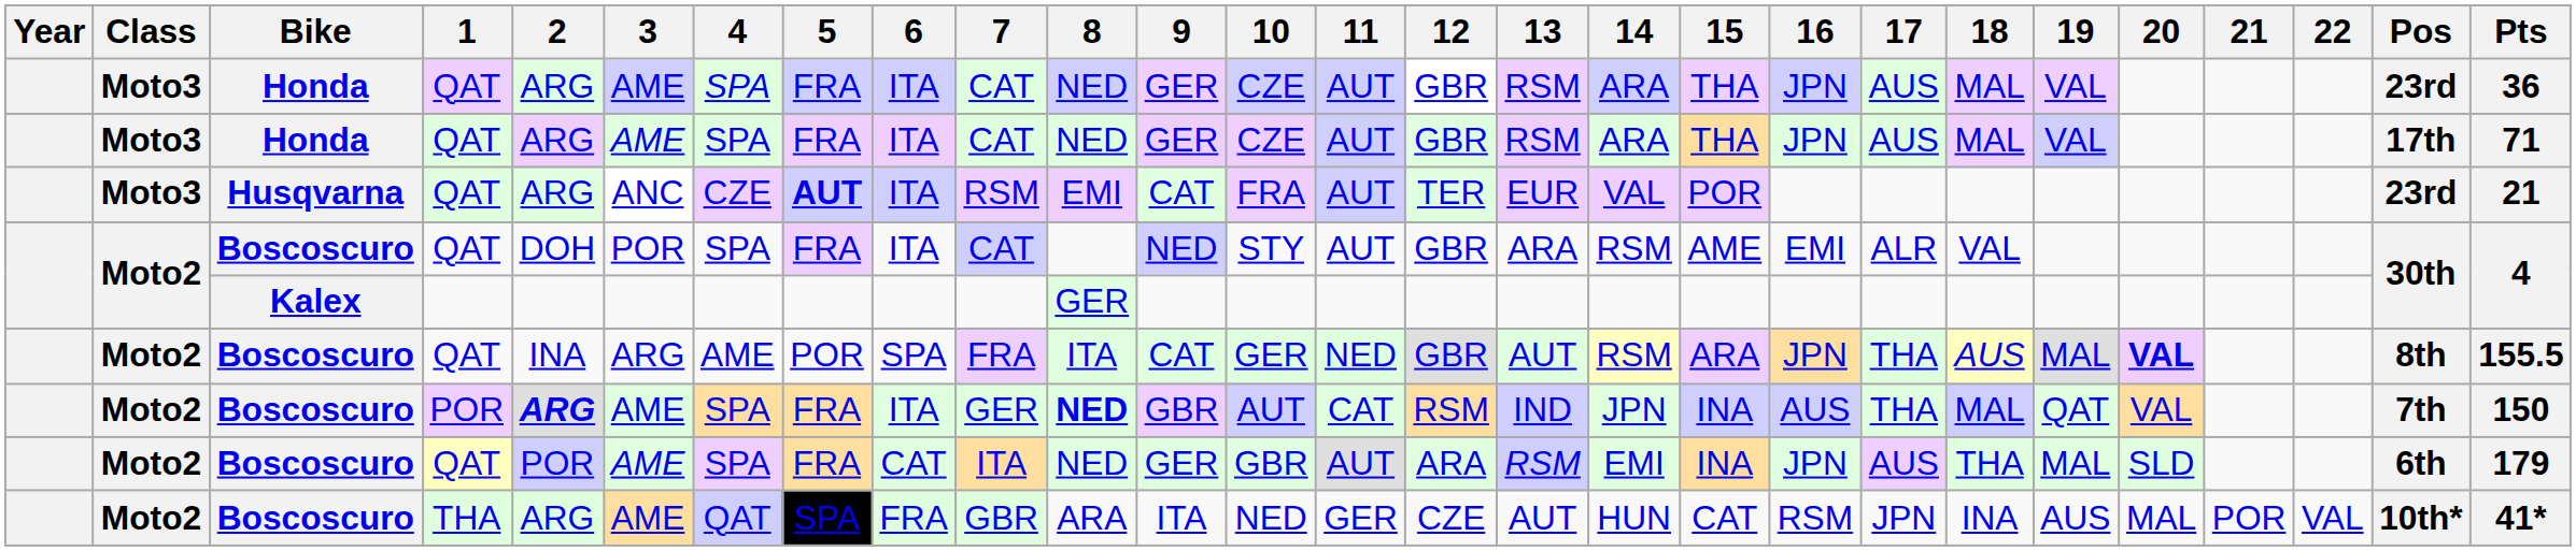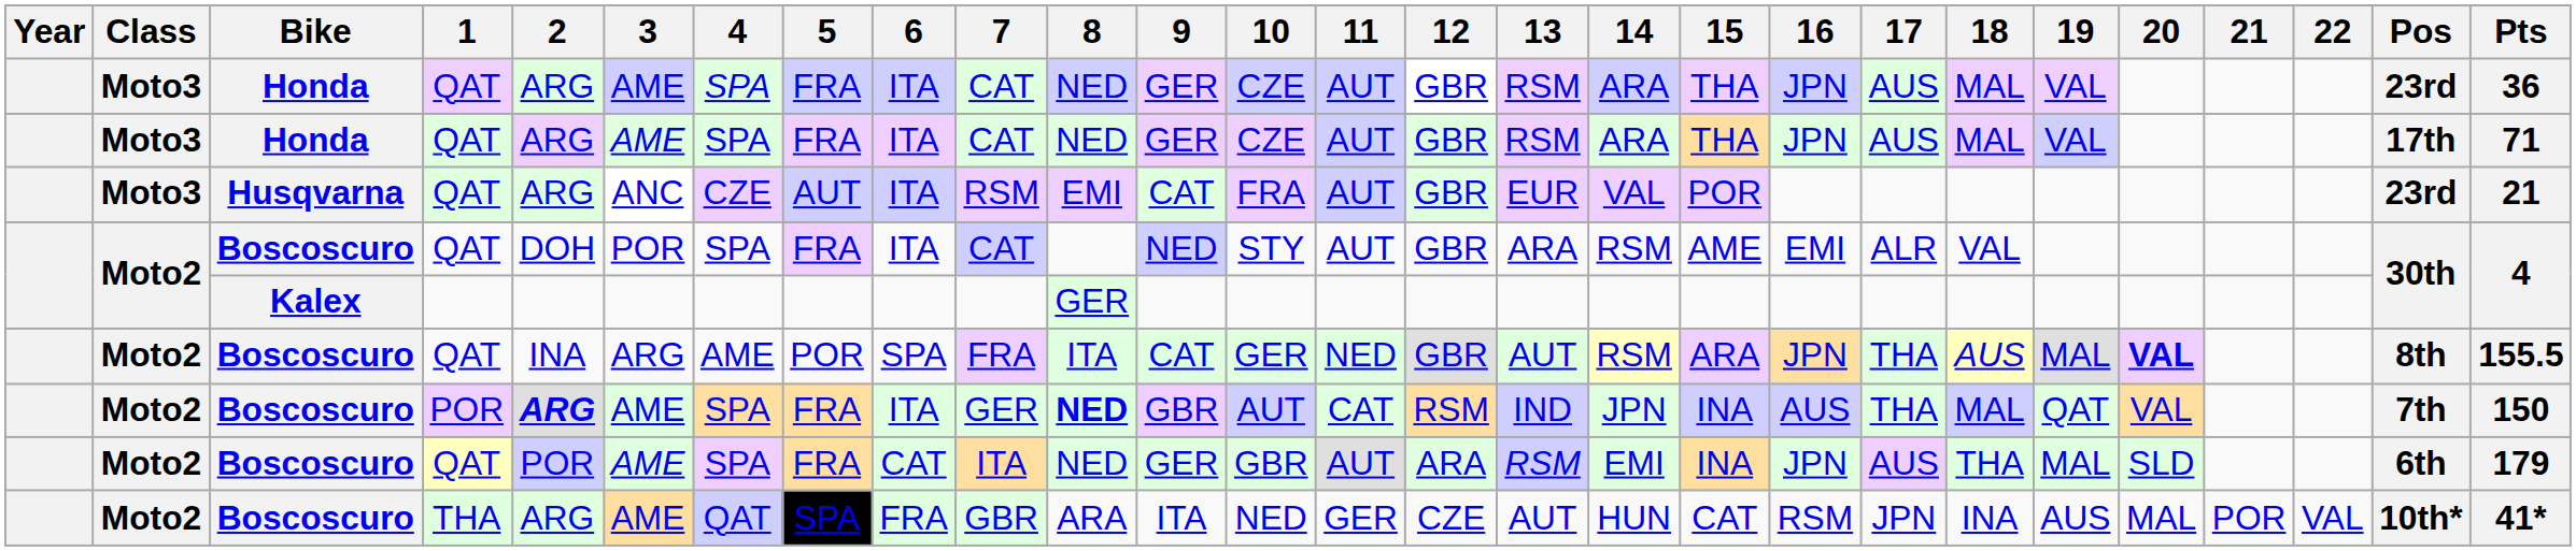 <table class="wikitable" style="text-align:center;">
 <tr>
 <th>Year</th>
 <th>Class</th>
 <th>Bike</th>
 <th>1</th>
 <th>2</th>
 <th>3</th>
 <th>4</th>
 <th>5</th>
 <th>6</th>
 <th>7</th>
 <th>8</th>
 <th>9</th>
 <th>10</th>
 <th>11</th>
 <th>12</th>
 <th>13</th>
 <th>14</th>
 <th>15</th>
 <th>16</th>
 <th>17</th>
 <th>18</th>
 <th>19</th>
 <th>20</th>
 <th>21</th>
 <th>22</th>
 <th>Pos</th>
 <th>Pts</th>
 </tr>
 <tr>
 <th></th>
 <th>Moto3</th>
 <th><a href='#'>Honda</a></th>
 <td style="background:#efcfff;"><a href='#'>QAT</a><br></td>
 <td style="background:#dfffdf;"><a href='#'>ARG</a><br></td>
 <td style="background:#cfcfff;"><a href='#'>AME</a><br></td>
 <td style="background:#dfffdf;"><em><a href='#'>SPA</a></em><br></td>
 <td style="background:#cfcfff;"><a href='#'>FRA</a><br></td>
 <td style="background:#cfcfff;"><a href='#'>ITA</a><br></td>
 <td style="background:#dfffdf;"><a href='#'>CAT</a><br></td>
 <td style="background:#cfcfff;"><a href='#'>NED</a><br></td>
 <td style="background:#efcfff;"><a href='#'>GER</a><br></td>
 <td style="background:#cfcfff;"><a href='#'>CZE</a><br></td>
 <td style="background:#cfcfff;"><a href='#'>AUT</a><br></td>
 <td style="background:#ffffff;"><a href='#'>GBR</a><br></td>
 <td style="background:#efcfff;"><a href='#'>RSM</a><br></td>
 <td style="background:#cfcfff;"><a href='#'>ARA</a><br></td>
 <td style="background:#efcfff;"><a href='#'>THA</a><br></td>
 <td style="background:#cfcfff;"><a href='#'>JPN</a><br></td>
 <td style="background:#dfffdf;"><a href='#'>AUS</a><br></td>
 <td style="background:#efcfff;"><a href='#'>MAL</a><br></td>
 <td style="background:#efcfff;"><a href='#'>VAL</a><br></td>
 <td></td>
 <td></td>
 <td></td>
 <th>23rd</th>
 <th>36</th>
 </tr>
 <tr>
 <th></th>
 <th>Moto3</th>
 <th><a href='#'>Honda</a></th>
 <td style="background:#dfffdf;"><a href='#'>QAT</a><br></td>
 <td style="background:#efcfff;"><a href='#'>ARG</a><br></td>
 <td style="background:#dfffdf;"><em><a href='#'>AME</a></em><br></td>
 <td style="background:#dfffdf;"><a href='#'>SPA</a><br></td>
 <td style="background:#efcfff;"><a href='#'>FRA</a><br></td>
 <td style="background:#efcfff;"><a href='#'>ITA</a><br></td>
 <td style="background:#dfffdf;"><a href='#'>CAT</a><br></td>
 <td style="background:#dfffdf;"><a href='#'>NED</a><br></td>
 <td style="background:#efcfff;"><a href='#'>GER</a><br></td>
 <td style="background:#efcfff;"><a href='#'>CZE</a><br></td>
 <td style="background:#cfcfff;"><a href='#'>AUT</a><br></td>
 <td style="background:#dfffdf;"><a href='#'>GBR</a><br></td>
 <td style="background:#efcfff;"><a href='#'>RSM</a><br></td>
 <td style="background:#dfffdf;"><a href='#'>ARA</a><br></td>
 <td style="background:#ffdf9f;"><a href='#'>THA</a><br></td>
 <td style="background:#dfffdf;"><a href='#'>JPN</a><br></td>
 <td style="background:#dfffdf;"><a href='#'>AUS</a><br></td>
 <td style="background:#efcfff;"><a href='#'>MAL</a><br></td>
 <td style="background:#cfcfff;"><a href='#'>VAL</a><br></td>
 <td></td>
 <td></td>
 <td></td>
 <th>17th</th>
 <th>71</th>
 </tr>
 <tr>
 <th></th>
 <th>Moto3</th>
 <th><a href='#'>Husqvarna</a></th>
 <td style="background:#dfffdf;"><a href='#'>QAT</a><br></td>
 <td style="background:#dfffdf;"><a href='#'>ARG</a><br></td>
 <td style="background:#ffffff;"><a href='#'>ANC</a><br></td>
 <td style="background:#efcfff;"><a href='#'>CZE</a><br></td>
-<td style="background:#cfcfff;"><strong><a href='#'>AUT</a><br></strong></td>
+<td style="background:#cfcfff;"><a href='#'>AUT</a><br></td>
 <td style="background:#cfcfff;"><a href='#'>ITA</a><br></td>
 <td style="background:#efcfff;"><a href='#'>RSM</a><br></td>
 <td style="background:#efcfff;"><a href='#'>EMI</a><br></td>
 <td style="background:#dfffdf;"><a href='#'>CAT</a><br></td>
 <td style="background:#efcfff;"><a href='#'>FRA</a><br></td>
 <td style="background:#cfcfff;"><a href='#'>AUT</a><br></td>
-<td style="background:#dfffdf;"><a href='#'>TER</a><br></td>
+<td style="background:#dfffdf;"><a href='#'>GBR</a><br></td>
 <td style="background:#efcfff;"><a href='#'>EUR</a><br></td>
 <td style="background:#efcfff;"><a href='#'>VAL</a><br></td>
 <td style="background:#efcfff;"><a href='#'>POR</a><br></td>
 <td></td>
 <td></td>
 <td></td>
 <td></td>
 <td></td>
 <td></td>
 <td></td>
 <th>23rd</th>
 <th>21</th>
 </tr>
 <tr>
 <th rowspan="2"></th>
 <th rowspan="2">Moto2</th>
 <th><a href='#'>Boscoscuro</a></th>
 <td><a href='#'>QAT</a></td>
 <td><a href='#'>DOH</a></td>
 <td><a href='#'>POR</a></td>
 <td><a href='#'>SPA</a></td>
 <td style="background:#efcfff;"><a href='#'>FRA</a><br></td>
 <td><a href='#'>ITA</a></td>
 <td style="background:#cfcfff;"><a href='#'>CAT</a><br></td>
 <td></td>
 <td style="background:#cfcfff;"><a href='#'>NED</a><br></td>
 <td><a href='#'>STY</a></td>
 <td><a href='#'>AUT</a></td>
 <td><a href='#'>GBR</a></td>
 <td><a href='#'>ARA</a></td>
 <td><a href='#'>RSM</a></td>
 <td><a href='#'>AME</a></td>
 <td><a href='#'>EMI</a></td>
 <td><a href='#'>ALR</a></td>
 <td><a href='#'>VAL</a></td>
 <td></td>
 <td></td>
 <td></td>
 <td></td>
 <th rowspan="2">30th</th>
 <th rowspan="2">4</th>
 </tr>
 <tr>
 <th><a href='#'>Kalex</a></th>
 <td></td>
 <td></td>
 <td></td>
 <td></td>
 <td></td>
 <td></td>
 <td></td>
 <td style="background:#dfffdf;"><a href='#'>GER</a><br></td>
 <td></td>
 <td></td>
 <td></td>
 <td></td>
 <td></td>
 <td></td>
 <td></td>
 <td></td>
 <td></td>
 <td></td>
 <td></td>
 <td></td>
 <td></td>
 <td></td>
 </tr>
 <tr>
 <th></th>
 <th>Moto2</th>
 <th><a href='#'>Boscoscuro</a></th>
 <td><a href='#'>QAT</a><br></td>
 <td><a href='#'>INA</a></td>
 <td><a href='#'>ARG</a></td>
 <td><a href='#'>AME</a></td>
 <td><a href='#'>POR</a></td>
 <td><a href='#'>SPA</a></td>
 <td style="background:#efcfff;"><a href='#'>FRA</a><br></td>
 <td style="background:#dfffdf;"><a href='#'>ITA</a><br></td>
 <td style="background:#dfffdf;"><a href='#'>CAT</a><br></td>
 <td style="background:#dfffdf;"><a href='#'>GER</a><br></td>
 <td style="background:#dfffdf;"><a href='#'>NED</a><br></td>
 <td style="background:#dfdfdf;"><a href='#'>GBR</a><br></td>
 <td style="background:#dfffdf;"><a href='#'>AUT</a><br></td>
 <td style="background:#ffffbf;"><a href='#'>RSM</a><br></td>
 <td style="background:#efcfff;"><a href='#'>ARA</a><br></td>
 <td style="background:#ffdf9f;"><a href='#'>JPN</a><br></td>
 <td style="background:#dfffdf;"><a href='#'>THA</a><br></td>
 <td style="background:#ffffbf;"><em><a href='#'>AUS</a></em><br></td>
 <td style="background:#dfdfdf;"><a href='#'>MAL</a><br></td>
 <td style="background:#efcfff;"><strong><a href='#'>VAL</a></strong><br></td>
 <td></td>
 <td></td>
 <th>8th</th>
 <th>155.5</th>
 </tr>
 <tr>
 <th></th>
 <th>Moto2</th>
 <th><a href='#'>Boscoscuro</a></th>
 <td style="background:#efcfff;"><a href='#'>POR</a><br></td>
 <td style="background:#dfdfdf;"><strong><em><a href='#'>ARG</a></em></strong><br></td>
 <td style="background:#dfffdf;"><a href='#'>AME</a><br></td>
 <td style="background:#ffdf9f;"><a href='#'>SPA</a><br></td>
 <td style="background:#ffdf9f;"><a href='#'>FRA</a><br></td>
 <td style="background:#dfffdf;"><a href='#'>ITA</a><br></td>
 <td style="background:#dfffdf;"><a href='#'>GER</a><br></td>
 <td style="background:#dfffdf;"><strong><a href='#'>NED</a></strong><br></td>
 <td style="background:#efcfff;"><a href='#'>GBR</a><br></td>
 <td style="background:#cfcfff;"><a href='#'>AUT</a><br></td>
 <td style="background:#dfffdf;"><a href='#'>CAT</a><br></td>
 <td style="background:#ffdf9f;"><a href='#'>RSM</a><br></td>
 <td style="background:#cfcfff;"><a href='#'>IND</a><br></td>
 <td style="background:#dfffdf;"><a href='#'>JPN</a><br></td>
 <td style="background:#cfcfff;"><a href='#'>INA</a><br></td>
 <td style="background:#cfcfff;"><a href='#'>AUS</a><br></td>
 <td style="background:#dfffdf;"><a href='#'>THA</a><br></td>
 <td style="background:#cfcfff;"><a href='#'>MAL</a><br></td>
 <td style="background:#dfffdf;"><a href='#'>QAT</a><br></td>
 <td style="background:#ffdf9f;"><a href='#'>VAL</a><br></td>
 <td></td>
 <td></td>
 <th>7th</th>
 <th>150</th>
 </tr>
 <tr>
 <th></th>
 <th>Moto2</th>
 <th><a href='#'>Boscoscuro</a></th>
 <td style="background:#FFFFBF;"><a href='#'>QAT</a><br></td>
 <td style="background:#CFCFFF;"><a href='#'>POR</a><br></td>
 <td style="background:#DFFFDF;"><em><a href='#'>AME</a></em><br></td>
 <td style="background:#EFCFFF;"><a href='#'>SPA</a><br></td>
 <td style="background:#FFDF9F;"><a href='#'>FRA</a><br></td>
 <td style="background:#DFFFDF;"><a href='#'>CAT</a><br></td>
 <td style="background:#FFDF9F;"><a href='#'>ITA</a><br></td>
 <td style="background:#DFFFDF;"><a href='#'>NED</a><br></td>
 <td style="background:#DFFFDF;"><a href='#'>GER</a><br></td>
 <td style="background:#DFFFDF;"><a href='#'>GBR</a><br></td>
 <td style="background:#DFDFDF;"><a href='#'>AUT</a><br></td>
 <td style="background:#DFFFDF;"><a href='#'>ARA</a><br></td>
 <td style="background:#CFCFFF;"><em><a href='#'>RSM</a></em><br></td>
 <td style="background:#DFFFDF;"><a href='#'>EMI</a><br></td>
 <td style="background:#FFDF9F;"><a href='#'>INA</a><br></td>
 <td style="background:#DFFFDF;"><a href='#'>JPN</a><br></td>
 <td style="background:#EFCFFF;"><a href='#'>AUS</a><br></td>
 <td style="background:#DFFFDF;"><a href='#'>THA</a><br></td>
 <td style="background:#DFFFDF;"><a href='#'>MAL</a><br></td>
 <td style="background:#DFFFDF;"><a href='#'>SLD</a><br></td>
 <td></td>
 <td></td>
 <th>6th</th>
 <th>179</th>
 </tr>
 <tr>
 <th></th>
 <th>Moto2</th>
 <th><a href='#'>Boscoscuro</a></th>
 <td style="background:#DFFFDF;"><a href='#'>THA</a><br></td>
 <td style="background:#DFFFDF;"><a href='#'>ARG</a><br></td>
 <td style="background:#FFDF9F;"><a href='#'>AME</a><br></td>
 <td style="background:#CFCFFF;"><a href='#'>QAT</a><br></td>
 <td style="background:#000000; color:#FFFFFF;"><a href='#'><span>SPA</span></a><br></td>
 <td style="background:#DFFFDF;"><a href='#'>FRA</a><br></td>
 <td style="background:#DFFFDF;"><a href='#'>GBR</a><br></td>
 <td style="background:#;"><a href='#'>ARA</a><br></td>
 <td style="background:#;"><a href='#'>ITA</a><br></td>
 <td style="background:#;"><a href='#'>NED</a><br></td>
 <td style="background:#;"><a href='#'>GER</a><br></td>
 <td style="background:#;"><a href='#'>CZE</a><br></td>
 <td style="background:#;"><a href='#'>AUT</a><br></td>
 <td style="background:#;"><a href='#'>HUN</a><br></td>
 <td style="background:#;"><a href='#'>CAT</a><br></td>
 <td style="background:#;"><a href='#'>RSM</a><br></td>
 <td style="background:#;"><a href='#'>JPN</a><br></td>
 <td style="background:#;"><a href='#'>INA</a><br></td>
 <td style="background:#;"><a href='#'>AUS</a><br></td>
 <td style="background:#;"><a href='#'>MAL</a><br></td>
 <td style="background:#;"><a href='#'>POR</a><br></td>
 <td style="background:#;"><a href='#'>VAL</a><br></td>
 <th>10th*</th>
 <th>41*</th>
 </tr>
 </table>
